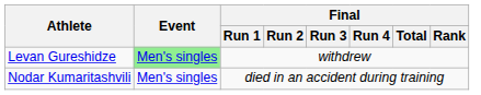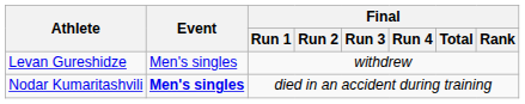 <table class="wikitable" style="text-align:center">
 <tr>
 <th rowspan="2">Athlete</th>
 <th rowspan="2">Event</th>
 <th colspan="6">Final</th>
 </tr>
 <tr>
 <th>Run 1</th>
 <th>Run 2</th>
 <th>Run 3</th>
 <th>Run 4</th>
 <th>Total</th>
 <th>Rank</th>
 </tr>
 <tr>
 <td align="left"><a href='#'>Levan Gureshidze</a></td>
-<td align="left" style="background: lightgreen;"><a href='#'>Men's singles</a></td>
+<td align="left"><a href='#'>Men's singles</a></td>
 <td colspan=6><em>withdrew</em></td>
 </tr>
 <tr>
 <td align="left"><a href='#'>Nodar Kumaritashvili</a></td>
-<td align="left"><a href='#'>Men's singles</a></td>
+<td align="left"><strong><a href='#'>Men's singles</a></strong></td>
 <td colspan=6><em>died in an accident during training</em></td>
 </tr>
 </table>
